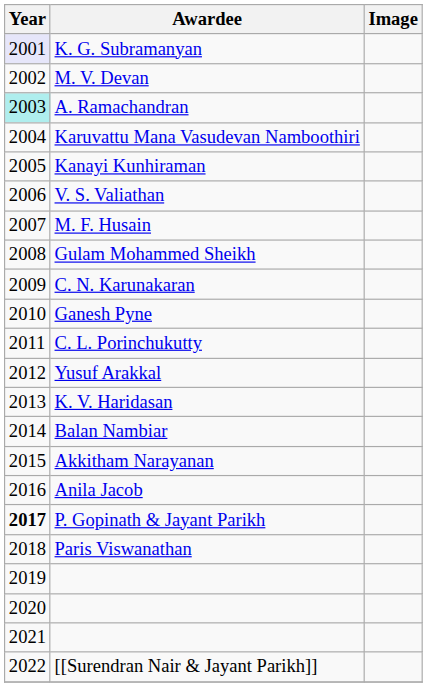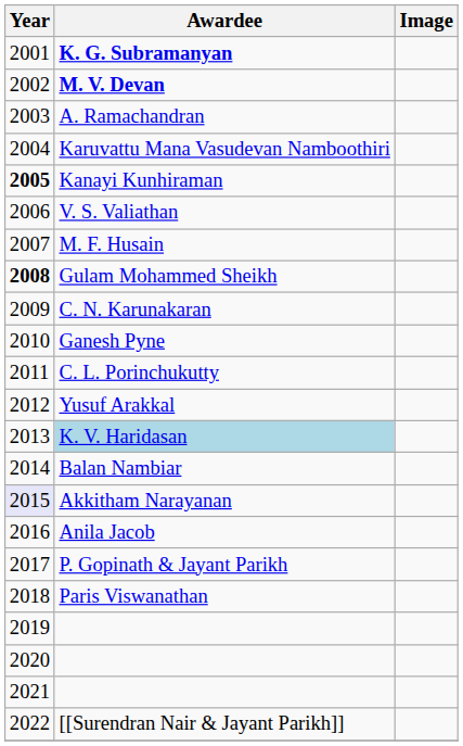 <table class="wikitable sortable">
 <tr>
 <th>Year</th>
 <th>Awardee</th>
 <th>Image</th>
 </tr>
 <tr>
-<td style="background: lavender;">2001</td>
-<td><a href='#'>K. G. Subramanyan</a></td>
+<td>2001</td>
+<td><strong><a href='#'>K. G. Subramanyan</a></strong></td>
 <td></td>
 </tr>
 <tr>
 <td>2002</td>
-<td><a href='#'>M. V. Devan</a></td>
+<td><strong><a href='#'>M. V. Devan</a></strong></td>
 <td></td>
 </tr>
 <tr>
-<td style="background: paleturquoise;">2003</td>
+<td>2003</td>
 <td><a href='#'>A. Ramachandran</a></td>
 <td></td>
 </tr>
 <tr>
 <td>2004</td>
 <td><a href='#'>Karuvattu Mana Vasudevan Namboothiri</a></td>
 <td></td>
 </tr>
 <tr>
-<td>2005</td>
+<td><strong>2005</strong></td>
 <td><a href='#'>Kanayi Kunhiraman</a></td>
 <td></td>
 </tr>
 <tr>
 <td>2006</td>
 <td><a href='#'>V. S. Valiathan</a></td>
 <td></td>
 </tr>
 <tr>
 <td>2007</td>
 <td><a href='#'>M. F. Husain</a></td>
 <td></td>
 </tr>
 <tr>
-<td>2008</td>
+<td><strong>2008</strong></td>
 <td><a href='#'>Gulam Mohammed Sheikh</a></td>
 <td></td>
 </tr>
 <tr>
 <td>2009</td>
 <td><a href='#'>C. N. Karunakaran</a></td>
 <td></td>
 </tr>
 <tr>
 <td>2010</td>
 <td><a href='#'>Ganesh Pyne</a></td>
 <td></td>
 </tr>
 <tr>
 <td>2011</td>
 <td><a href='#'>C. L. Porinchukutty</a></td>
 <td></td>
 </tr>
 <tr>
 <td>2012</td>
 <td><a href='#'>Yusuf Arakkal</a></td>
 <td></td>
 </tr>
 <tr>
 <td>2013</td>
-<td><a href='#'>K. V. Haridasan</a></td>
+<td style="background: lightblue;"><a href='#'>K. V. Haridasan</a></td>
 <td></td>
 </tr>
 <tr>
 <td>2014</td>
 <td><a href='#'>Balan Nambiar</a></td>
 <td></td>
 </tr>
 <tr>
-<td>2015</td>
+<td style="background: lavender;">2015</td>
 <td><a href='#'>Akkitham Narayanan</a></td>
 <td></td>
 </tr>
 <tr>
 <td>2016</td>
 <td><a href='#'>Anila Jacob</a></td>
 <td></td>
 </tr>
 <tr>
-<td><strong>2017</strong></td>
+<td>2017</td>
 <td><a href='#'>P. Gopinath & Jayant Parikh</a></td>
 <td></td>
 </tr>
 <tr>
 <td>2018</td>
 <td><a href='#'>Paris Viswanathan</a></td>
 <td></td>
 </tr>
 <tr>
 <td>2019</td>
 <td></td>
 <td></td>
 </tr>
 <tr>
 <td>2020</td>
 <td></td>
 <td></td>
 </tr>
 <tr>
 <td>2021</td>
 <td></td>
 <td></td>
 </tr>
 <tr>
 <td>2022</td>
 <td>[[Surendran Nair & Jayant Parikh]]</td>
 <td></td>
 </tr>
 <tr>
 </tr>
 </table>
